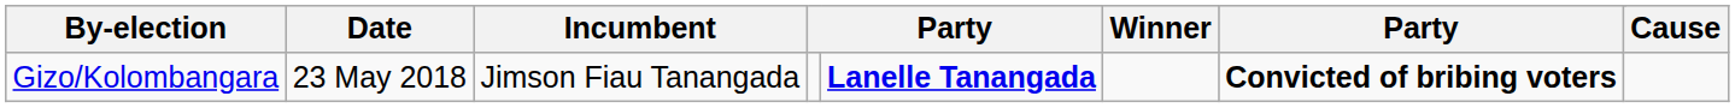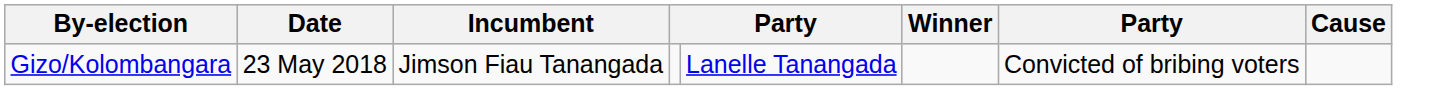 <table class="wikitable">
 <tr>
 <th>By-election</th>
 <th>Date</th>
 <th>Incumbent</th>
 <th colspan=2>Party</th>
 <th>Winner</th>
 <th colspan=2>Party</th>
 <th>Cause</th>
 </tr>
 <tr>
 <td><a href='#'>Gizo/Kolombangara</a></td>
 <td>23 May 2018</td>
 <td>Jimson Fiau Tanangada</td>
 <td></td>
-<td><strong><a href='#'>Lanelle Tanangada</a></strong></td>
+<td><a href='#'>Lanelle Tanangada</a></td>
 <td></td>
-<td><strong>Convicted of bribing voters</strong></td>
+<td>Convicted of bribing voters</td>
 </tr>
 </table>
